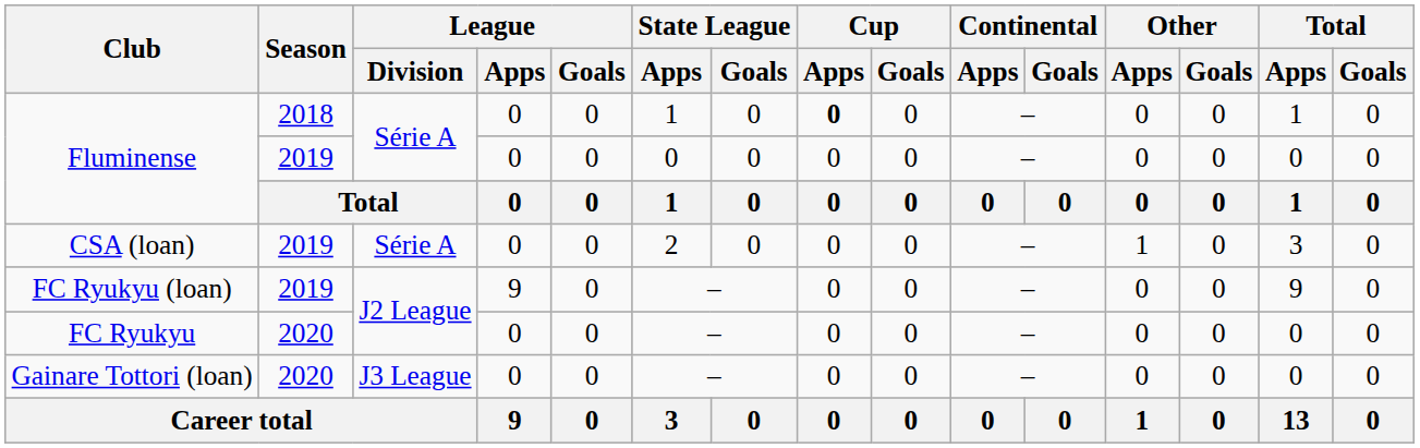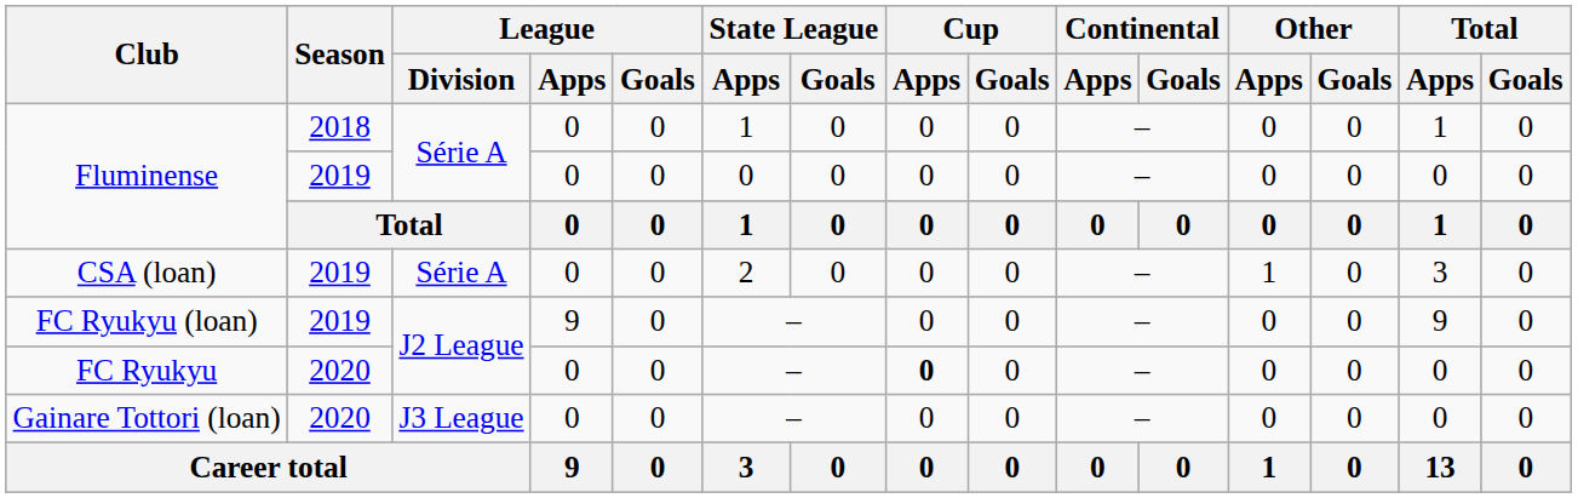 <table class="wikitable" style="text-align: center">
 <tr>
 <th rowspan="2">Club</th>
 <th rowspan="2">Season</th>
 <th colspan="3">League</th>
 <th colspan="2">State League</th>
 <th colspan="2">Cup</th>
 <th colspan="2">Continental</th>
 <th colspan="2">Other</th>
 <th colspan="2">Total</th>
 </tr>
 <tr>
 <th>Division</th>
 <th>Apps</th>
 <th>Goals</th>
 <th>Apps</th>
 <th>Goals</th>
 <th>Apps</th>
 <th>Goals</th>
 <th>Apps</th>
 <th>Goals</th>
 <th>Apps</th>
 <th>Goals</th>
 <th>Apps</th>
 <th>Goals</th>
 </tr>
 <tr>
 <td rowspan="3"><a href='#'>Fluminense</a></td>
 <td><a href='#'>2018</a></td>
 <td rowspan="2"><a href='#'>Série A</a></td>
 <td>0</td>
 <td>0</td>
 <td>1</td>
 <td>0</td>
-<td><strong>0</strong></td>
+<td>0</td>
 <td>0</td>
 <td colspan="2">–</td>
 <td>0</td>
 <td>0</td>
 <td>1</td>
 <td>0</td>
 </tr>
 <tr>
 <td><a href='#'>2019</a></td>
 <td>0</td>
 <td>0</td>
 <td>0</td>
 <td>0</td>
 <td>0</td>
 <td>0</td>
 <td colspan="2">–</td>
 <td>0</td>
 <td>0</td>
 <td>0</td>
 <td>0</td>
 </tr>
 <tr>
 <th colspan="2"><strong>Total</strong></th>
 <th>0</th>
 <th>0</th>
 <th>1</th>
 <th>0</th>
 <th>0</th>
 <th>0</th>
 <th>0</th>
 <th>0</th>
 <th>0</th>
 <th>0</th>
 <th>1</th>
 <th>0</th>
 </tr>
 <tr>
 <td><a href='#'>CSA</a> (loan)</td>
 <td><a href='#'>2019</a></td>
 <td><a href='#'>Série A</a></td>
 <td>0</td>
 <td>0</td>
 <td>2</td>
 <td>0</td>
 <td>0</td>
 <td>0</td>
 <td colspan="2">–</td>
 <td>1</td>
 <td>0</td>
 <td>3</td>
 <td>0</td>
 </tr>
 <tr>
 <td><a href='#'>FC Ryukyu</a> (loan)</td>
 <td><a href='#'>2019</a></td>
 <td rowspan="2"><a href='#'>J2 League</a></td>
 <td>9</td>
 <td>0</td>
 <td colspan="2">–</td>
 <td>0</td>
 <td>0</td>
 <td colspan="2">–</td>
 <td>0</td>
 <td>0</td>
 <td>9</td>
 <td>0</td>
 </tr>
 <tr>
 <td><a href='#'>FC Ryukyu</a></td>
 <td><a href='#'>2020</a></td>
 <td>0</td>
 <td>0</td>
 <td colspan="2">–</td>
-<td>0</td>
+<td><strong>0</strong></td>
 <td>0</td>
 <td colspan="2">–</td>
 <td>0</td>
 <td>0</td>
 <td>0</td>
 <td>0</td>
 </tr>
 <tr>
 <td><a href='#'>Gainare Tottori</a> (loan)</td>
 <td><a href='#'>2020</a></td>
 <td><a href='#'>J3 League</a></td>
 <td>0</td>
 <td>0</td>
 <td colspan="2">–</td>
 <td>0</td>
 <td>0</td>
 <td colspan="2">–</td>
 <td>0</td>
 <td>0</td>
 <td>0</td>
 <td>0</td>
 </tr>
 <tr>
 <th colspan="3"><strong>Career total</strong></th>
 <th>9</th>
 <th>0</th>
 <th>3</th>
 <th>0</th>
 <th>0</th>
 <th>0</th>
 <th>0</th>
 <th>0</th>
 <th>1</th>
 <th>0</th>
 <th>13</th>
 <th>0</th>
 </tr>
 </table>
